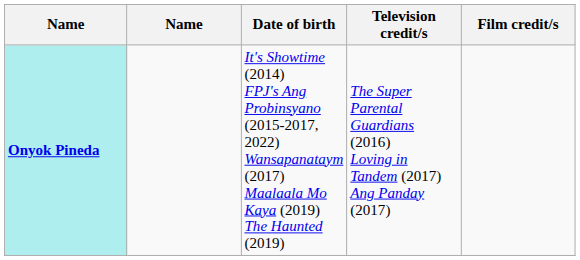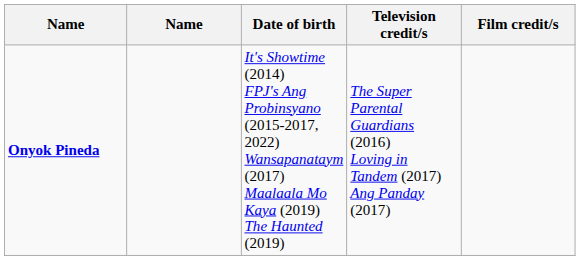 <table class="wikitable">
 <tr>
 <th>Name</th>
 <th style="width:20%;">Name</th>
 <th style="width:10%;">Date of birth</th>
 <th style="width:20%;">Television credit/s</th>
 <th style="width:20%;">Film credit/s</th>
 </tr>
 <tr>
-<td style="background: paleturquoise;"><strong><a href='#'>Onyok Pineda</a></strong></td>
+<td><strong><a href='#'>Onyok Pineda</a></strong></td>
 <td></td>
 <td><em><a href='#'>It's Showtime</a></em> (2014)<br><em><a href='#'>FPJ's Ang Probinsyano</a></em> (2015-2017, 2022) <em><a href='#'>Wansapanataym</a></em> (2017) <em><a href='#'>Maalaala Mo Kaya</a></em> (2019) <em><a href='#'>The Haunted</a></em> (2019)</td>
 <td><em><a href='#'>The Super Parental Guardians</a></em> (2016)<br><em><a href='#'>Loving in Tandem</a></em> (2017) <em><a href='#'>Ang Panday</a></em> (2017)</td>
 </tr>
 </table>
